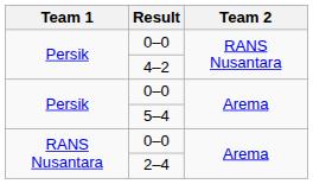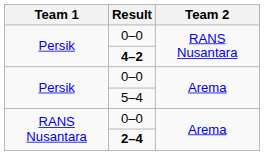 <table class="wikitable" style="text-align:center">
 <tr>
 <th width=120>Team 1</th>
 <th>Result</th>
 <th width=120>Team 2</th>
 </tr>
 <tr>
 <td rowspan=2><a href='#'>Persik</a></td>
 <td>0–0</td>
 <td rowspan=2><a href='#'>RANS Nusantara</a></td>
 </tr>
 <tr>
-<td>4–2 </td>
+<td><strong>4–2 </strong></td>
 </tr>
 <tr>
 <td rowspan=2><a href='#'>Persik</a></td>
 <td>0–0</td>
 <td rowspan=2><a href='#'>Arema</a></td>
 </tr>
 <tr>
 <td>5–4 </td>
 </tr>
 <tr>
 <td rowspan=2><a href='#'>RANS Nusantara</a></td>
 <td>0–0</td>
 <td rowspan=2><a href='#'>Arema</a></td>
 </tr>
 <tr>
-<td>2–4 </td>
+<td><strong>2–4 </strong></td>
 </tr>
 </table>
